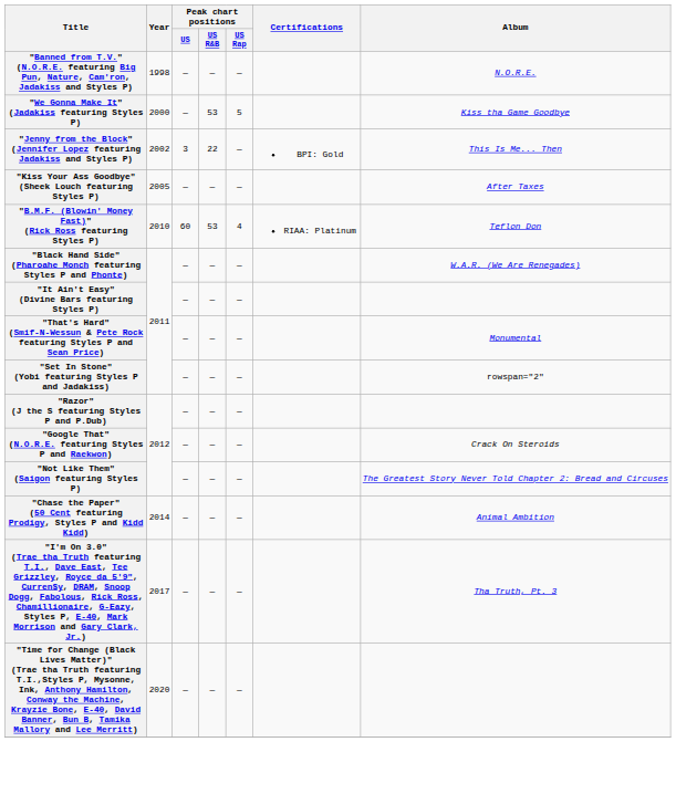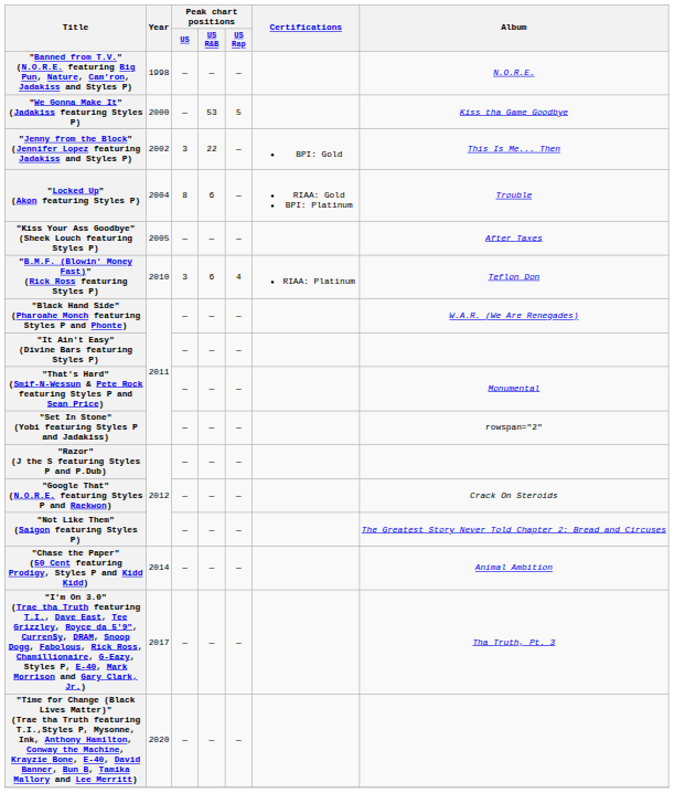 <table class="wikitable plainrowheaders" style="text-align:center;">
 <tr>
 <th scope="col" rowspan="2" style="width:16em;">Title</th>
 <th scope="col" rowspan="2">Year</th>
 <th scope="col" colspan="3">Peak chart positions</th>
 <th rowspan="2" scope="col" style="width:12em;"><a href='#'>Certifications</a></th>
 <th scope="col" rowspan="2">Album</th>
 </tr>
 <tr>
 <th scope="col" style="width:3em;font-size:90%;"><a href='#'>US</a></th>
 <th scope="col" style="width:3em;font-size:90%;"><a href='#'>US<br>R&B</a></th>
 <th scope="col" style="width:3em;font-size:90%;"><a href='#'>US<br> Rap</a></th>
 </tr>
 <tr>
 <th scope="row">"<a href='#'>Banned from T.V.</a>"<br><span>(<a href='#'>N.O.R.E.</a> featuring <a href='#'>Big Pun</a>, <a href='#'>Nature</a>, <a href='#'>Cam'ron</a>, <a href='#'>Jadakiss</a> and Styles P)</span></th>
 <td>1998</td>
 <td>—</td>
 <td>—</td>
 <td>—</td>
 <td></td>
 <td><em><a href='#'>N.O.R.E.</a></em></td>
 </tr>
 <tr>
 <th scope="row">"<a href='#'>We Gonna Make It</a>"<br><span>(<a href='#'>Jadakiss</a> featuring Styles P)</span></th>
 <td>2000</td>
 <td>—</td>
 <td>53</td>
 <td>5</td>
 <td></td>
 <td><em><a href='#'>Kiss tha Game Goodbye</a></em></td>
 </tr>
 <tr>
 <th scope="row">"<a href='#'>Jenny from the Block</a>"<br><span>(<a href='#'>Jennifer Lopez</a> featuring <a href='#'>Jadakiss</a> and Styles P)</span></th>
 <td>2002</td>
 <td>3</td>
 <td>22</td>
 <td>—</td>
 <td><br><ul><li>BPI: Gold</li></ul></td>
 <td><em><a href='#'>This Is Me... Then</a></em></td>
 </tr>
 <tr>
+<th scope="row">"<a href='#'>Locked Up</a>"<br><span>(<a href='#'>Akon</a> featuring Styles P)</span></th>
+<td>2004</td>
+<td>8</td>
+<td>6</td>
+<td>—</td>
+<td><br><ul><li>RIAA: Gold</li><li>BPI: Platinum</li></ul></td>
+<td><em><a href='#'>Trouble</a></em></td>
+</tr>
+<tr>
 <th scope="row">"Kiss Your Ass Goodbye"<br><span>(Sheek Louch featuring Styles P)</span></th>
 <td>2005</td>
 <td>—</td>
 <td>—</td>
 <td>—</td>
 <td></td>
 <td><em><a href='#'>After Taxes</a></em></td>
 </tr>
 <tr>
 <th scope="row">"<a href='#'>B.M.F. (Blowin' Money Fast)</a>"<br><span>(<a href='#'>Rick Ross</a> featuring Styles P)</span></th>
 <td>2010</td>
-<td>60</td>
-<td>53</td>
+<td>3</td>
+<td>6</td>
 <td>4</td>
 <td><br><ul><li>RIAA: Platinum</li></ul></td>
 <td><em><a href='#'>Teflon Don</a></em></td>
 </tr>
 <tr>
 <th scope="row">"Black Hand Side"<br><span>(<a href='#'>Pharoahe Monch</a> featuring Styles P and <a href='#'>Phonte</a>)</span></th>
 <td rowspan="4">2011</td>
 <td>—</td>
 <td>—</td>
 <td>—</td>
 <td></td>
 <td><em><a href='#'>W.A.R. (We Are Renegades)</a></em></td>
 </tr>
 <tr>
 <th scope="row">"It Ain't Easy"<br><span>(Divine Bars featuring Styles P)</span></th>
 <td>—</td>
 <td>—</td>
 <td>—</td>
 <td></td>
 <td></td>
 </tr>
 <tr>
 <th scope="row">"That's Hard"<br><span>(<a href='#'>Smif-N-Wessun</a> & <a href='#'>Pete Rock</a> featuring Styles P and <a href='#'>Sean Price</a>)</span></th>
 <td>—</td>
 <td>—</td>
 <td>—</td>
 <td></td>
 <td><em><a href='#'>Monumental</a></em></td>
 </tr>
 <tr>
 <th scope="row">"Set In Stone"<br><span>(Yobi featuring Styles P and Jadakiss)</span></th>
 <td>—</td>
 <td>—</td>
 <td>—</td>
 <td></td>
 <td>rowspan="2" </td>
 </tr>
 <tr>
 <th scope="row">"Razor"<br><span>(J the S featuring Styles P and P.Dub)</span></th>
 <td rowspan="3">2012</td>
 <td>—</td>
 <td>—</td>
 <td>—</td>
 <td></td>
 </tr>
 <tr>
 <th scope="row">"Google That"<br><span>(<a href='#'>N.O.R.E.</a> featuring Styles P and <a href='#'>Raekwon</a>)</span></th>
 <td>—</td>
 <td>—</td>
 <td>—</td>
 <td></td>
 <td><em>Crack On Steroids</em></td>
 </tr>
 <tr>
 <th scope="row">"Not Like Them"<br><span>(<a href='#'>Saigon</a> featuring Styles P)</span></th>
 <td>—</td>
 <td>—</td>
 <td>—</td>
 <td></td>
 <td><em><a href='#'>The Greatest Story Never Told Chapter 2: Bread and Circuses</a></em></td>
 </tr>
 <tr>
 <th scope="row">"Chase the Paper"<br><span>(<a href='#'>50 Cent</a> featuring <a href='#'>Prodigy</a>, Styles P and <a href='#'>Kidd Kidd</a>)</span></th>
 <td>2014</td>
 <td>—</td>
 <td>—</td>
 <td>—</td>
 <td></td>
 <td><em><a href='#'>Animal Ambition</a></em></td>
 </tr>
 <tr>
 <th scope="row">"I'm On 3.0"<br><span>(<a href='#'>Trae tha Truth</a> featuring <a href='#'>T.I.</a>, <a href='#'>Dave East</a>, <a href='#'>Tee Grizzley</a>, <a href='#'>Royce da 5'9"</a>, <a href='#'>Curren$y</a>, <a href='#'>DRAM</a>, <a href='#'>Snoop Dogg</a>, <a href='#'>Fabolous</a>, <a href='#'>Rick Ross</a>, <a href='#'>Chamillionaire</a>, <a href='#'>G-Eazy</a>, Styles P, <a href='#'>E-40</a>, <a href='#'>Mark Morrison</a> and <a href='#'>Gary Clark, Jr.</a>)</span></th>
 <td rowspan="1">2017</td>
 <td>—</td>
 <td>—</td>
 <td>—</td>
 <td></td>
 <td rowspan="1"><em><a href='#'>Tha Truth, Pt. 3</a></em></td>
 </tr>
 <tr>
 <th scope="row">"Time for Change (Black Lives Matter)"<br><span>(Trae tha Truth featuring T.I.,Styles P, Mysonne, Ink, <a href='#'>Anthony Hamilton</a>, <a href='#'>Conway the Machine</a>, <a href='#'>Krayzie Bone</a>, <a href='#'>E-40</a>, <a href='#'>David Banner</a>, <a href='#'>Bun B</a>, <a href='#'>Tamika Mallory</a> and <a href='#'>Lee Merritt</a>)</span></th>
 <td rowspan="1">2020</td>
 <td>—</td>
 <td>—</td>
 <td>—</td>
 <td></td>
 <td></td>
 </tr>
 <tr>
 </tr>
 </table>
